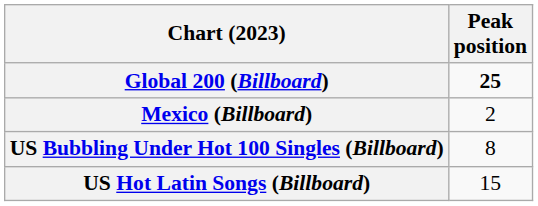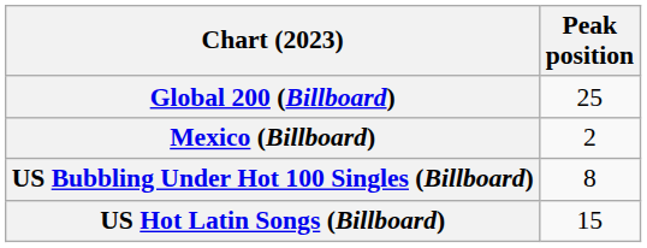 <table class="wikitable sortable plainrowheaders" style="text-align:center">
 <tr>
 <th scope="col">Chart (2023)</th>
 <th scope="col">Peak<br>position</th>
 </tr>
 <tr>
 <th scope="row"><a href='#'>Global 200</a> (<em><a href='#'>Billboard</a></em>)</th>
-<td><strong>25</strong></td>
+<td>25</td>
 </tr>
 <tr>
 <th scope="row"><a href='#'>Mexico</a> (<em>Billboard</em>)</th>
 <td>2</td>
 </tr>
 <tr>
 <th scope="row">US <a href='#'>Bubbling Under Hot 100 Singles</a> (<em>Billboard</em>)</th>
 <td>8</td>
 </tr>
 <tr>
 <th scope="row">US <a href='#'>Hot Latin Songs</a> (<em>Billboard</em>)</th>
 <td>15</td>
 </tr>
 </table>
